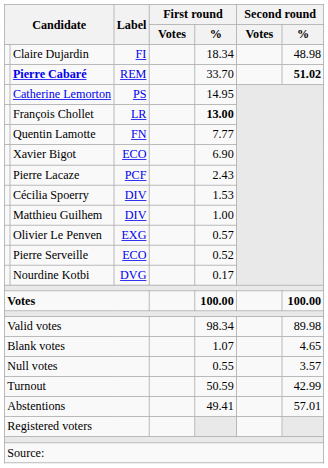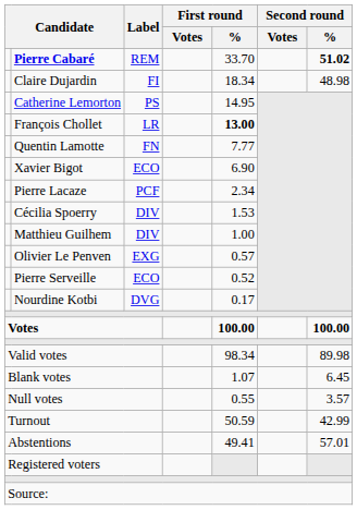 <table class="wikitable" style="text-align:right;font-size:95%;">
 <tr>
 <th rowspan="2" colspan="2">Candidate</th>
 <th rowspan="2">Label</th>
 <th colspan="2">First round</th>
 <th colspan="2">Second round</th>
 </tr>
 <tr>
 <th style="width:50px;">Votes</th>
 <th style="width:45px;">%</th>
 <th style="width:50px;">Votes</th>
 <th style="width:45px;">%</th>
 </tr>
 <tr>
 <td style="color:inherit;background:"></td>
+<td style="text-align:left;"><strong><a href='#'>Pierre Cabaré</a></strong></td>
+<td><a href='#'>REM</a></td>
+<td></td>
+<td>33.70</td>
+<td><strong></strong></td>
+<td><strong>51.02</strong></td>
+</tr>
+<tr>
+<td style="color:inherit;background:"></td>
 <td style="text-align:left;">Claire Dujardin</td>
 <td><a href='#'>FI</a></td>
 <td></td>
 <td>18.34</td>
 <td></td>
 <td>48.98</td>
-</tr>
-<tr>
-<td style="color:inherit;background:"></td>
-<td style="text-align:left;"><strong><a href='#'>Pierre Cabaré</a></strong></td>
-<td><a href='#'>REM</a></td>
-<td></td>
-<td>33.70</td>
-<td><strong></strong></td>
-<td><strong>51.02</strong></td>
 </tr>
 <tr>
 <td style="color:inherit;background:"></td>
 <td style="text-align:left;"><a href='#'>Catherine Lemorton</a></td>
 <td><a href='#'>PS</a></td>
 <td></td>
 <td>14.95</td>
 <td colspan="2" rowspan="10" style="background:#E9E9E9;"></td>
 </tr>
 <tr>
 <td style="color:inherit;background:"></td>
 <td style="text-align:left;">François Chollet</td>
 <td><a href='#'>LR</a></td>
 <td></td>
 <td><strong>13.00</strong></td>
 </tr>
 <tr>
 <td style="color:inherit;background:"></td>
 <td style="text-align:left;">Quentin Lamotte</td>
 <td><a href='#'>FN</a></td>
 <td></td>
 <td>7.77</td>
 </tr>
 <tr>
 <td style="color:inherit;background:"></td>
 <td style="text-align:left;">Xavier Bigot</td>
 <td><a href='#'>ECO</a></td>
 <td></td>
 <td>6.90</td>
 </tr>
 <tr>
 <td style="color:inherit;background:"></td>
 <td style="text-align:left;">Pierre Lacaze</td>
 <td><a href='#'>PCF</a></td>
 <td></td>
-<td>2.43</td>
+<td>2.34</td>
 </tr>
 <tr>
 <td style="color:inherit;background:"></td>
 <td style="text-align:left;">Cécilia Spoerry</td>
 <td><a href='#'>DIV</a></td>
 <td></td>
 <td>1.53</td>
 </tr>
 <tr>
 <td style="color:inherit;background:"></td>
 <td style="text-align:left;">Matthieu Guilhem</td>
 <td><a href='#'>DIV</a></td>
 <td></td>
 <td>1.00</td>
 </tr>
 <tr>
 <td style="color:inherit;background:"></td>
 <td style="text-align:left;">Olivier Le Penven</td>
 <td><a href='#'>EXG</a></td>
 <td></td>
 <td>0.57</td>
 </tr>
 <tr>
 <td style="color:inherit;background:"></td>
 <td style="text-align:left;">Pierre Serveille</td>
 <td><a href='#'>ECO</a></td>
 <td></td>
 <td>0.52</td>
 </tr>
 <tr>
 <td style="color:inherit;background:"></td>
 <td style="text-align:left;">Nourdine Kotbi</td>
 <td><a href='#'>DVG</a></td>
 <td></td>
 <td>0.17</td>
 </tr>
 <tr>
 <td colspan="7" style="background:#E9E9E9;"></td>
 </tr>
 <tr style="font-weight:bold;">
 <td colspan="3" style="text-align:left;">Votes</td>
 <td></td>
 <td>100.00</td>
 <td></td>
 <td>100.00</td>
 </tr>
 <tr>
 <td colspan="7" style="background:#E9E9E9;"></td>
 </tr>
 <tr>
 <td colspan="3" style="text-align:left;">Valid votes</td>
 <td></td>
 <td>98.34</td>
 <td></td>
 <td>89.98</td>
 </tr>
 <tr>
 <td colspan="3" style="text-align:left;">Blank votes</td>
 <td></td>
 <td>1.07</td>
 <td></td>
-<td>4.65</td>
+<td>6.45</td>
 </tr>
 <tr>
 <td colspan="3" style="text-align:left;">Null votes</td>
 <td></td>
 <td>0.55</td>
 <td></td>
 <td>3.57</td>
 </tr>
 <tr>
 <td colspan="3" style="text-align:left;">Turnout</td>
 <td></td>
 <td>50.59</td>
 <td></td>
 <td>42.99</td>
 </tr>
 <tr>
 <td colspan="3" style="text-align:left;">Abstentions</td>
 <td></td>
 <td>49.41</td>
 <td></td>
 <td>57.01</td>
 </tr>
 <tr>
 <td colspan="3" style="text-align:left;">Registered voters</td>
 <td></td>
 <td style="color:inherit;background:#E9E9E9;"></td>
 <td></td>
 <td style="color:inherit;background:#E9E9E9;"></td>
 </tr>
 <tr>
 <td colspan="7" style="background:#E9E9E9;"></td>
 </tr>
 <tr>
 <td colspan="7" style="text-align:left;">Source: </td>
 </tr>
 </table>
